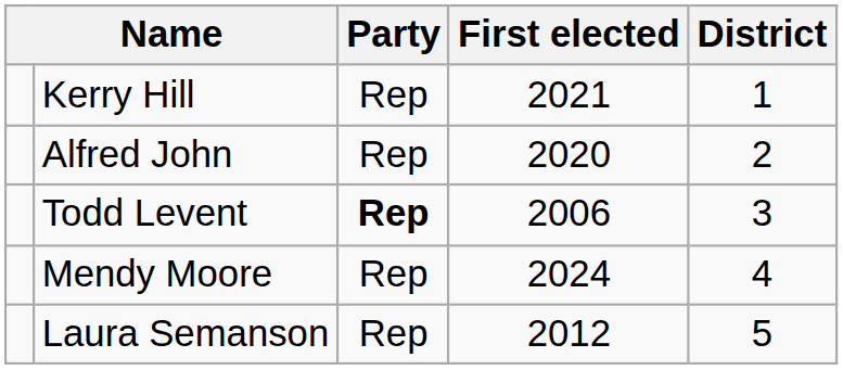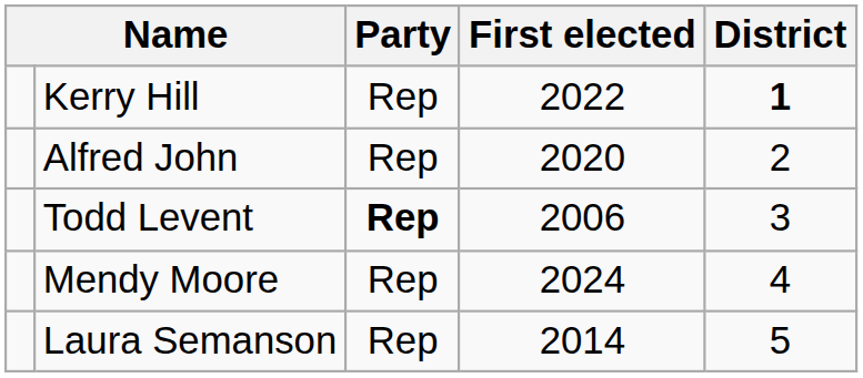 <table class=wikitable>
 <tr>
 <th colspan=2 align=center>Name</th>
 <th align=center valign=bottom>Party</th>
 <th valign=bottom align=center>First elected</th>
 <th valign=bottom align=center>District</th>
 </tr>
 <tr>
 <td style="background-color:"> </td>
 <td>Kerry Hill</td>
 <td style="text-align:center;">Rep</td>
-<td style="text-align:center;">2021</td>
-<td style="text-align:center;">1</td>
+<td style="text-align:center;">2022</td>
+<td style="text-align:center;"><strong>1</strong></td>
 </tr>
 <tr>
 <td style="background-color:"> </td>
 <td>Alfred John</td>
 <td style="text-align:center;">Rep</td>
 <td style="text-align:center;">2020</td>
 <td style="text-align:center;">2</td>
 </tr>
 <tr>
 <td style="background-color:"> </td>
 <td>Todd Levent</td>
 <td style="text-align:center;"><strong>Rep</strong></td>
 <td style="text-align:center;">2006</td>
 <td style="text-align:center;">3</td>
 </tr>
 <tr>
 <td style="background-color:"> </td>
 <td>Mendy Moore</td>
 <td style="text-align:center;">Rep</td>
 <td style="text-align:center;">2024</td>
 <td style="text-align:center;">4</td>
 </tr>
 <tr>
 <td style="background-color:"> </td>
 <td>Laura Semanson</td>
 <td style="text-align:center;">Rep</td>
-<td style="text-align:center;">2012</td>
+<td style="text-align:center;">2014</td>
 <td style="text-align:center;">5</td>
 </tr>
 </table>
